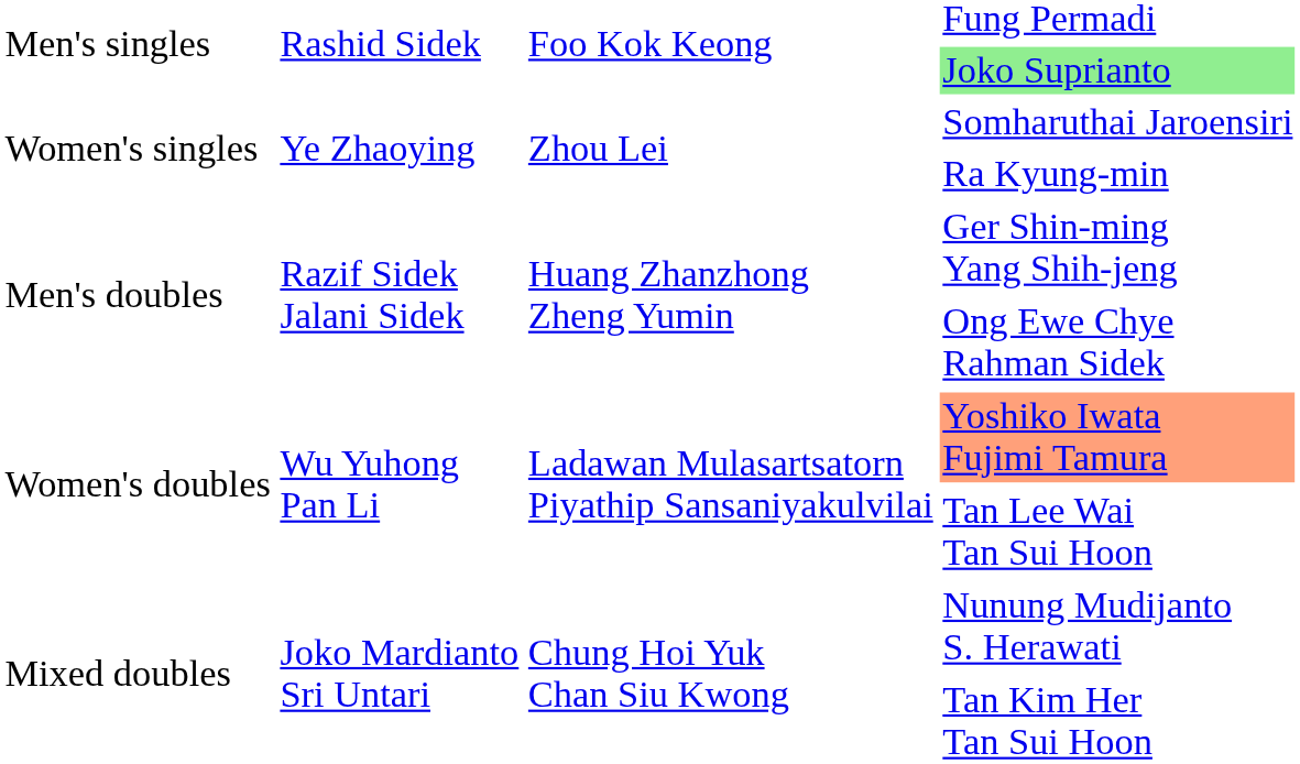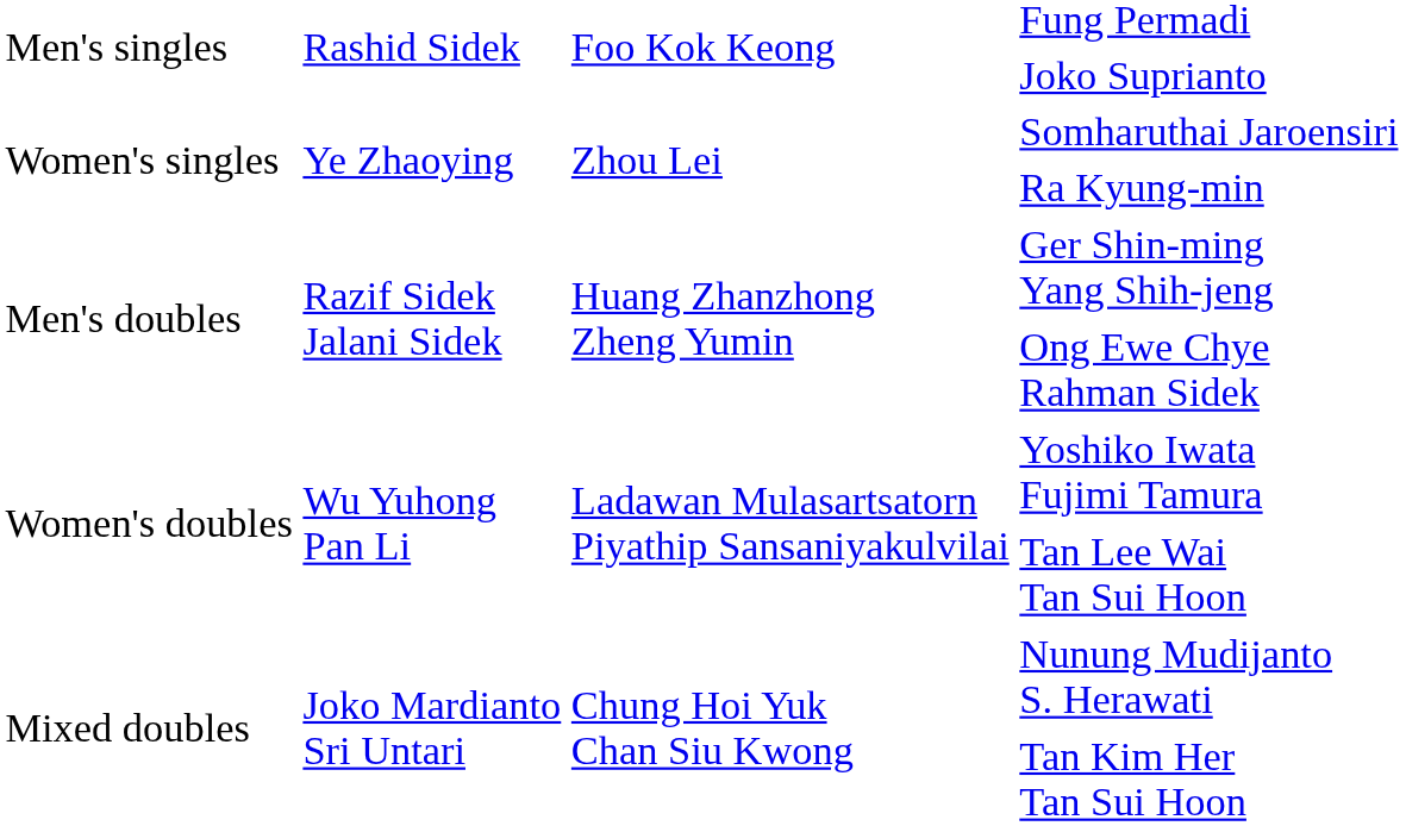 <table>
 <tr>
 <td rowspan="2">Men's singles</td>
 <td rowspan="2"> <a href='#'>Rashid Sidek</a></td>
 <td rowspan="2"> <a href='#'>Foo Kok Keong</a></td>
 <td> <a href='#'>Fung Permadi</a></td>
 </tr>
 <tr>
-<td style="background: lightgreen;"> <a href='#'>Joko Suprianto</a></td>
+<td> <a href='#'>Joko Suprianto</a></td>
 </tr>
 <tr>
 <td rowspan="2">Women's singles</td>
 <td rowspan="2"> <a href='#'>Ye Zhaoying</a></td>
 <td rowspan="2"> <a href='#'>Zhou Lei</a></td>
 <td> <a href='#'>Somharuthai Jaroensiri</a></td>
 </tr>
 <tr>
 <td> <a href='#'>Ra Kyung-min</a></td>
 </tr>
 <tr>
 <td rowspan="2">Men's doubles</td>
 <td rowspan="2"> <a href='#'>Razif Sidek</a> <br>  <a href='#'>Jalani Sidek</a></td>
 <td rowspan="2"> <a href='#'>Huang Zhanzhong</a> <br>  <a href='#'>Zheng Yumin</a></td>
 <td> <a href='#'>Ger Shin-ming</a> <br>  <a href='#'>Yang Shih-jeng</a></td>
 </tr>
 <tr>
 <td> <a href='#'>Ong Ewe Chye</a> <br>  <a href='#'>Rahman Sidek</a></td>
 </tr>
 <tr>
 <td rowspan="2">Women's doubles</td>
 <td rowspan="2"> <a href='#'>Wu Yuhong</a> <br>  <a href='#'>Pan Li</a></td>
 <td rowspan="2"> <a href='#'>Ladawan Mulasartsatorn</a> <br>  <a href='#'>Piyathip Sansaniyakulvilai</a></td>
-<td style="background: lightsalmon;"> <a href='#'>Yoshiko Iwata</a> <br>  <a href='#'>Fujimi Tamura</a></td>
+<td> <a href='#'>Yoshiko Iwata</a> <br>  <a href='#'>Fujimi Tamura</a></td>
 </tr>
 <tr>
 <td> <a href='#'>Tan Lee Wai</a> <br>  <a href='#'>Tan Sui Hoon</a></td>
 </tr>
 <tr>
 <td rowspan="2">Mixed doubles</td>
 <td rowspan="2"> <a href='#'>Joko Mardianto</a> <br>  <a href='#'>Sri Untari</a></td>
 <td rowspan="2"> <a href='#'>Chung Hoi Yuk</a> <br>  <a href='#'>Chan Siu Kwong</a></td>
 <td> <a href='#'>Nunung Mudijanto</a> <br>  <a href='#'>S. Herawati</a></td>
 </tr>
 <tr>
 <td> <a href='#'>Tan Kim Her</a> <br>  <a href='#'>Tan Sui Hoon</a></td>
 </tr>
 </table>
